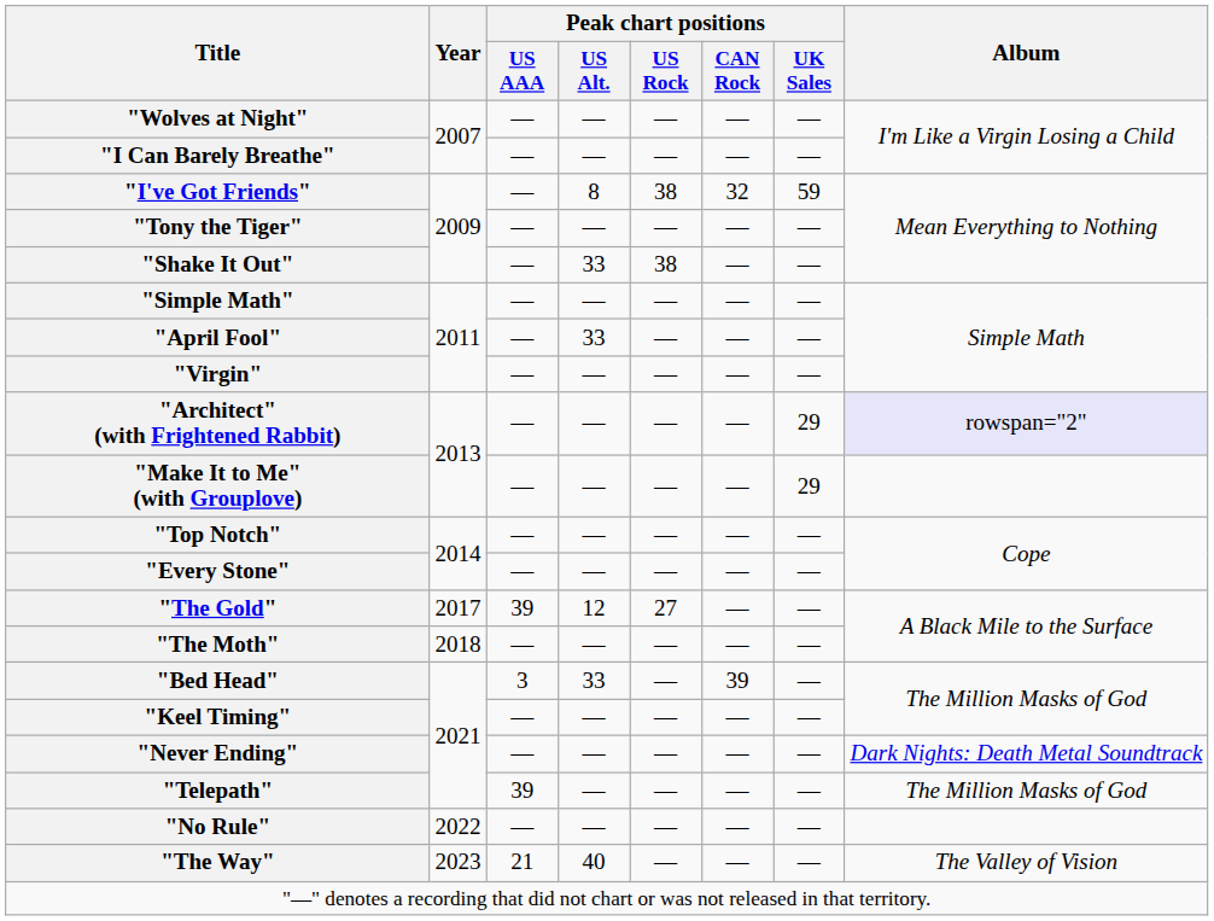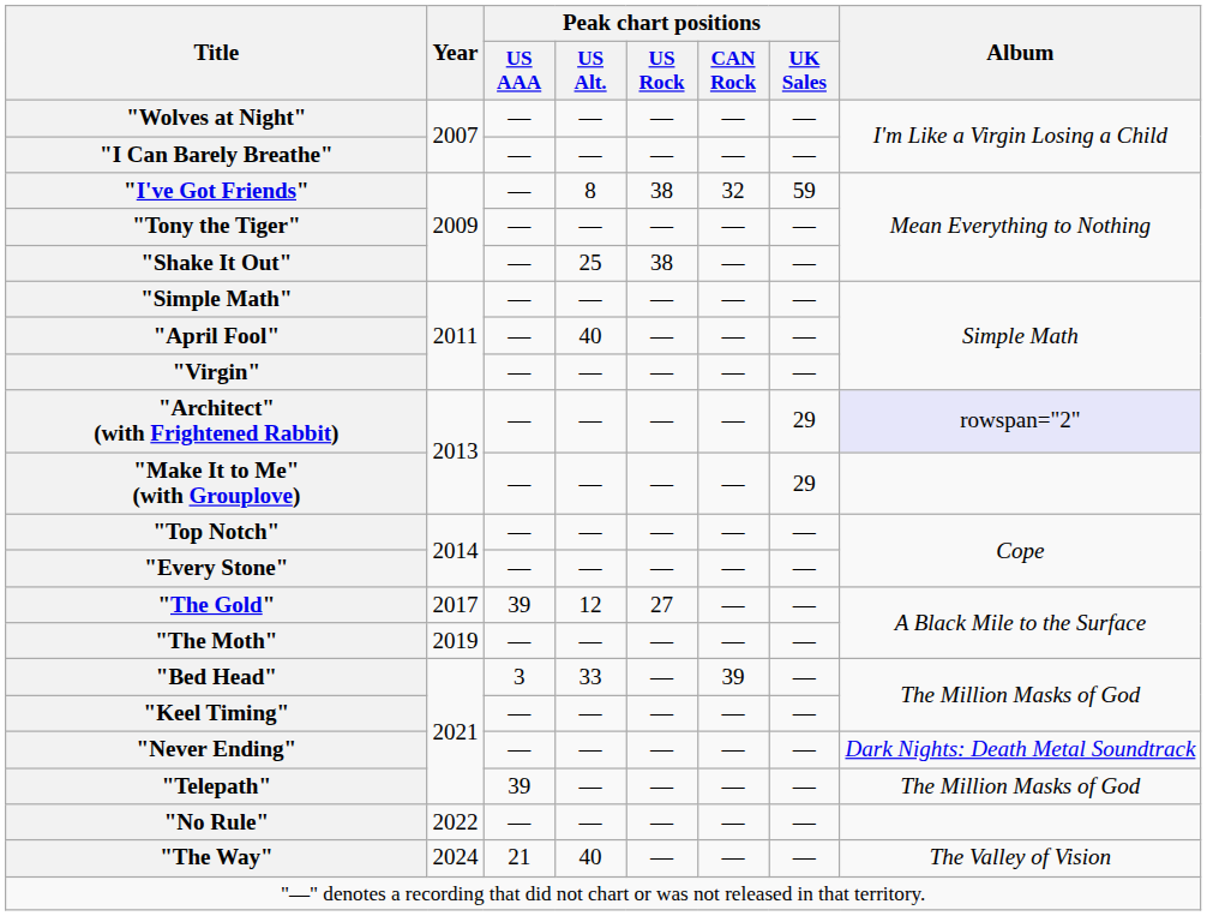 <table class="wikitable plainrowheaders" style="text-align:center;">
 <tr>
 <th scope="col" rowspan="2" style="width:18em;">Title</th>
 <th scope="col" rowspan="2">Year</th>
 <th scope="col" colspan="5">Peak chart positions</th>
 <th scope="col" rowspan="2">Album</th>
 </tr>
 <tr>
 <th scope="col" style="width:3em;font-size:90%;"><a href='#'>US<br>AAA</a><br></th>
 <th scope="col" style="width:3em;font-size:90%;"><a href='#'>US<br>Alt.</a><br></th>
 <th scope="col" style="width:3em;font-size:90%;"><a href='#'>US<br>Rock</a><br></th>
 <th scope="col" style="width:3em;font-size:90%;"><a href='#'>CAN<br>Rock</a><br></th>
 <th scope="col" style="width:3em;font-size:90%;"><a href='#'>UK<br>Sales</a><br></th>
 </tr>
 <tr>
 <th scope="row">"Wolves at Night"</th>
 <td rowspan="2">2007</td>
 <td>—</td>
 <td>—</td>
 <td>—</td>
 <td>—</td>
 <td>—</td>
 <td rowspan="2"><em>I'm Like a Virgin Losing a Child</em></td>
 </tr>
 <tr>
 <th scope="row">"I Can Barely Breathe"</th>
 <td>—</td>
 <td>—</td>
 <td>—</td>
 <td>—</td>
 <td>—</td>
 </tr>
 <tr>
 <th scope="row">"<a href='#'>I've Got Friends</a>"</th>
 <td rowspan="3">2009</td>
 <td>—</td>
 <td>8</td>
 <td>38</td>
 <td>32</td>
 <td>59</td>
 <td rowspan="3"><em>Mean Everything to Nothing</em></td>
 </tr>
 <tr>
 <th scope="row">"Tony the Tiger"</th>
 <td>—</td>
 <td>—</td>
 <td>—</td>
 <td>—</td>
 <td>—</td>
 </tr>
 <tr>
 <th scope="row">"Shake It Out"</th>
 <td>—</td>
-<td>33</td>
+<td>25</td>
 <td>38</td>
 <td>—</td>
 <td>—</td>
 </tr>
 <tr>
 <th scope="row">"Simple Math"</th>
 <td rowspan="3">2011</td>
 <td>—</td>
 <td>—</td>
 <td>—</td>
 <td>—</td>
 <td>—</td>
 <td rowspan="3"><em>Simple Math</em></td>
 </tr>
 <tr>
 <th scope="row">"April Fool"</th>
 <td>—</td>
-<td>33</td>
+<td>40</td>
 <td>—</td>
 <td>—</td>
 <td>—</td>
 </tr>
 <tr>
 <th scope="row">"Virgin"</th>
 <td>—</td>
 <td>—</td>
 <td>—</td>
 <td>—</td>
 <td>—</td>
 </tr>
 <tr>
 <th scope="row">"Architect"<br><span>(with <a href='#'>Frightened Rabbit</a>)</span></th>
 <td rowspan="2">2013</td>
 <td>—</td>
 <td>—</td>
 <td>—</td>
 <td>—</td>
 <td>29</td>
 <td style="background: lavender;">rowspan="2" </td>
 </tr>
 <tr>
 <th scope="row">"Make It to Me"<br><span>(with <a href='#'>Grouplove</a>)</span></th>
 <td>—</td>
 <td>—</td>
 <td>—</td>
 <td>—</td>
 <td>29</td>
 </tr>
 <tr>
 <th scope="row">"Top Notch"</th>
 <td rowspan="2">2014</td>
 <td>—</td>
 <td>—</td>
 <td>—</td>
 <td>—</td>
 <td>—</td>
 <td rowspan="2"><em>Cope</em></td>
 </tr>
 <tr>
 <th scope="row">"Every Stone"</th>
 <td>—</td>
 <td>—</td>
 <td>—</td>
 <td>—</td>
 <td>—</td>
 </tr>
 <tr>
 <th scope="row">"<a href='#'>The Gold</a>"</th>
 <td>2017</td>
 <td>39</td>
 <td>12</td>
 <td>27</td>
 <td>—</td>
 <td>—</td>
 <td rowspan="2"><em>A Black Mile to the Surface</em></td>
 </tr>
 <tr>
 <th scope="row">"The Moth"</th>
-<td>2018</td>
+<td>2019</td>
 <td>—</td>
 <td>—</td>
 <td>—</td>
 <td>—</td>
 <td>—</td>
 </tr>
 <tr>
 <th scope="row">"Bed Head"</th>
 <td rowspan="4">2021</td>
 <td>3</td>
 <td>33</td>
 <td>—</td>
 <td>39</td>
 <td>—</td>
 <td rowspan="2"><em>The Million Masks of God</em></td>
 </tr>
 <tr>
 <th scope="row">"Keel Timing"</th>
 <td>—</td>
 <td>—</td>
 <td>—</td>
 <td>—</td>
 <td>—</td>
 </tr>
 <tr>
 <th scope="row">"Never Ending"</th>
 <td>—</td>
 <td>—</td>
 <td>—</td>
 <td>—</td>
 <td>—</td>
 <td><em><a href='#'>Dark Nights: Death Metal Soundtrack</a></em></td>
 </tr>
 <tr>
 <th scope="row">"Telepath"</th>
 <td>39</td>
 <td>—</td>
 <td>—</td>
 <td>—</td>
 <td>—</td>
 <td><em>The Million Masks of God</em></td>
 </tr>
 <tr>
 <th scope="row">"No Rule"</th>
 <td>2022</td>
 <td>—</td>
 <td>—</td>
 <td>—</td>
 <td>—</td>
 <td>—</td>
 <td></td>
 </tr>
 <tr>
 <th scope="row">"The Way"</th>
-<td>2023</td>
+<td>2024</td>
 <td>21</td>
 <td>40</td>
 <td>—</td>
 <td>—</td>
 <td>—</td>
 <td><em>The Valley of Vision</em></td>
 </tr>
 <tr>
 <td colspan="8" style="font-size:90%">"—" denotes a recording that did not chart or was not released in that territory.</td>
 </tr>
 </table>
